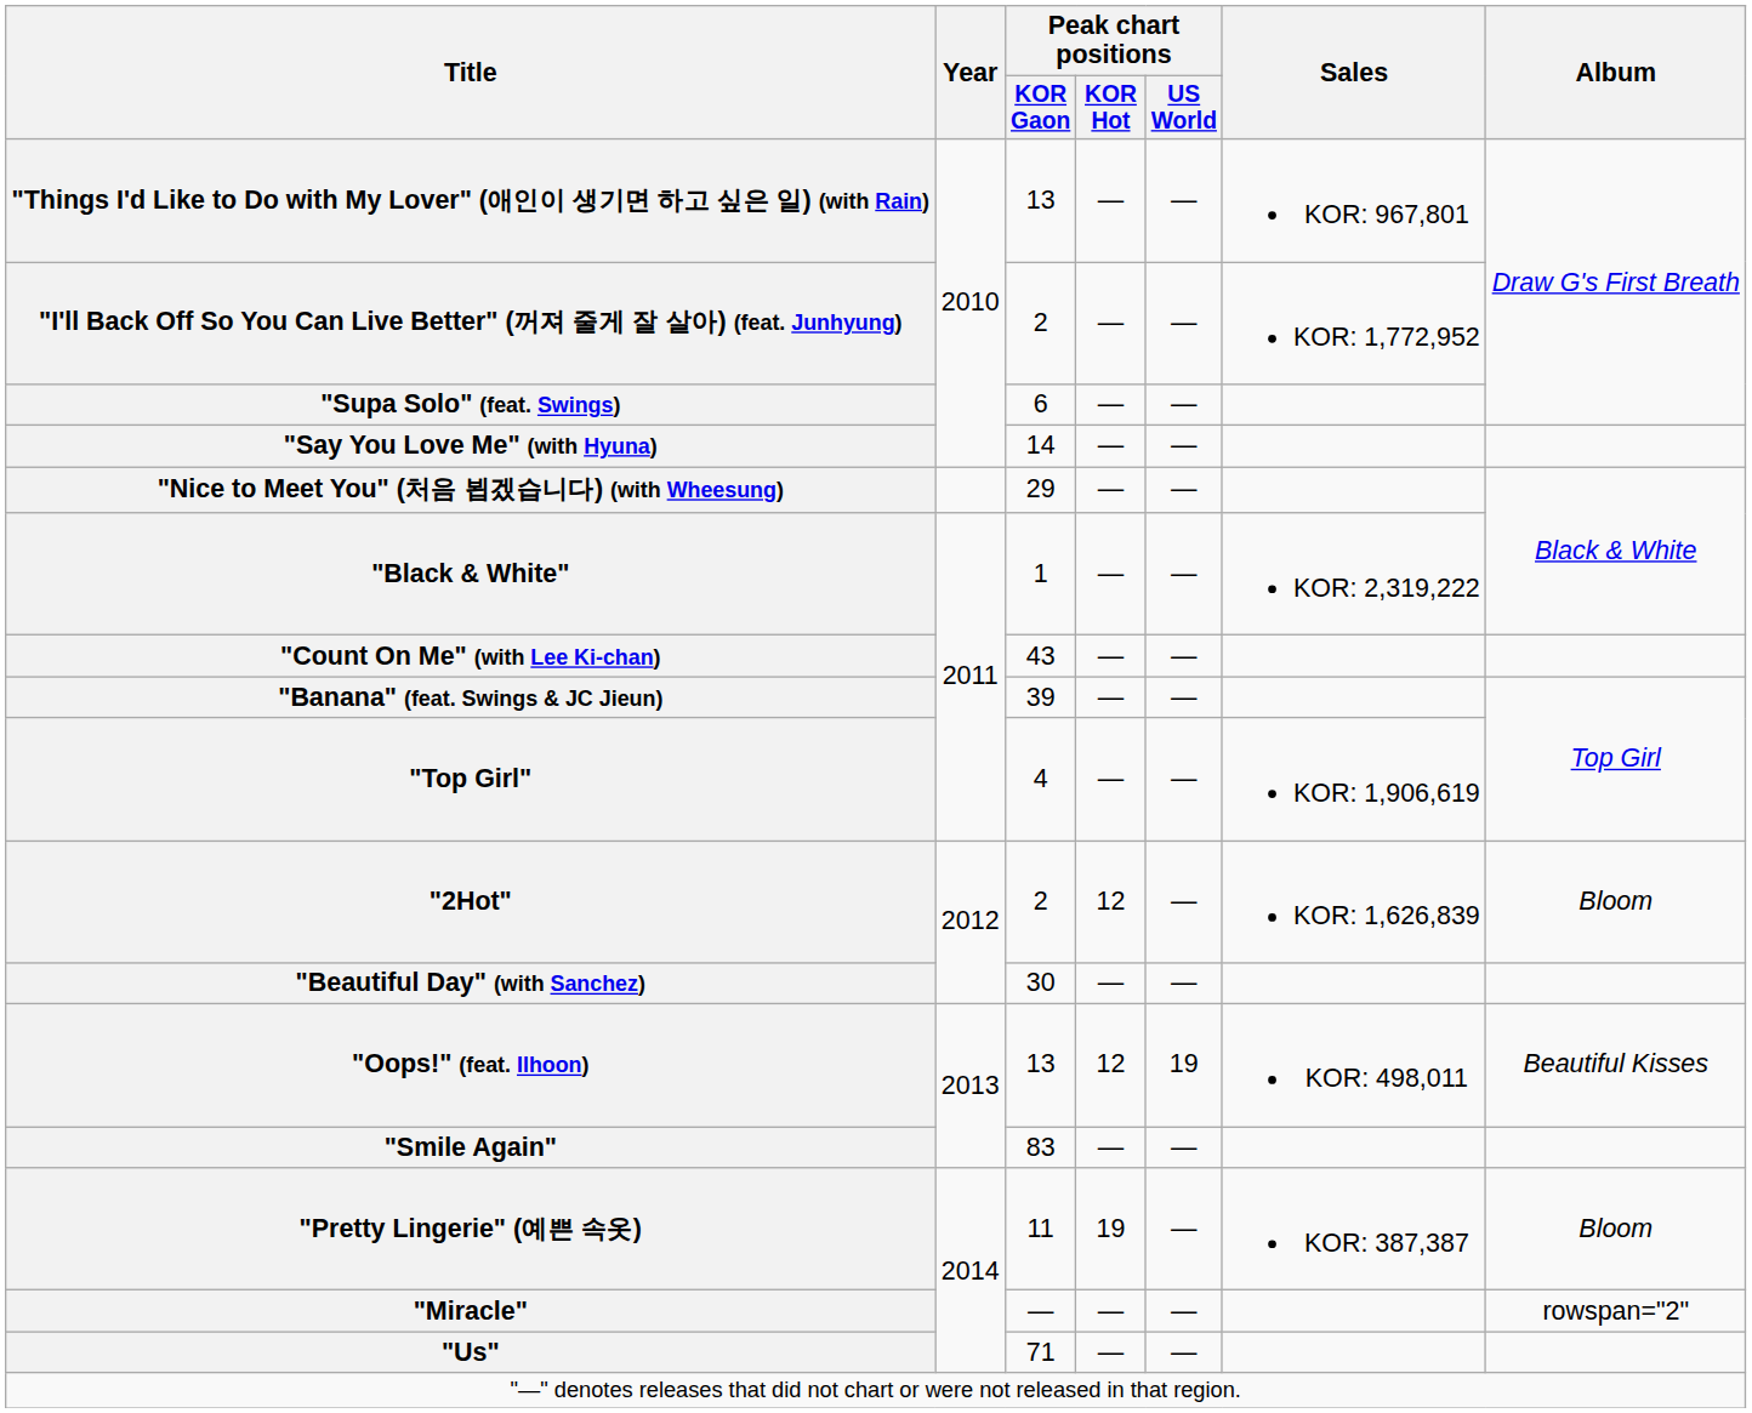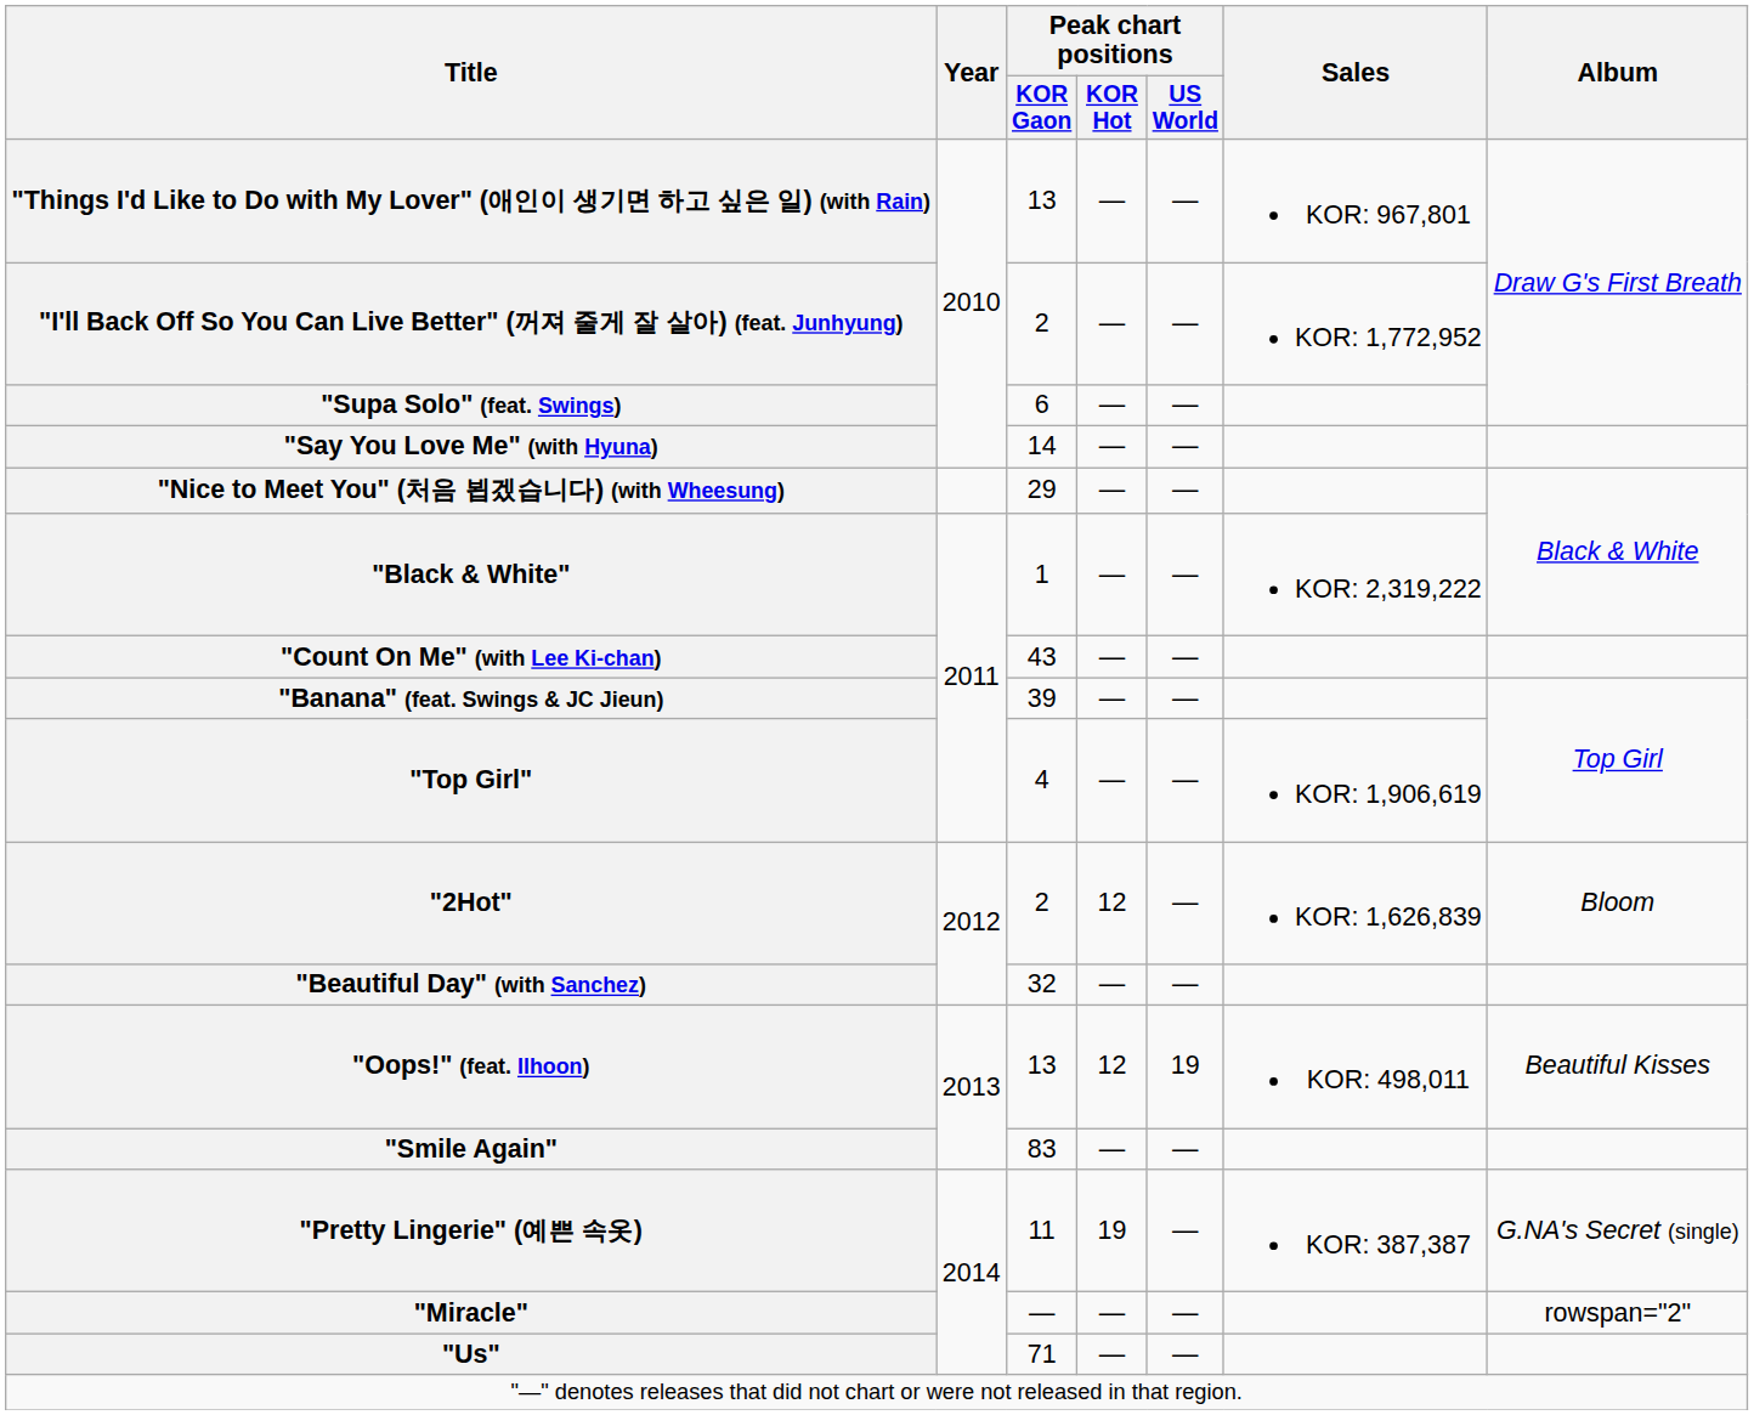 <table class="wikitable plainrowheaders" style="text-align:center;">
 <tr>
 <th scope="col" rowspan="2">Title</th>
 <th scope="col" rowspan="2">Year</th>
 <th scope="col" colspan="3">Peak chart positions</th>
 <th scope="col" rowspan="2">Sales</th>
 <th scope="col" rowspan="2">Album</th>
 </tr>
 <tr>
 <th scope="col" style="width:2.5em;font-size:90%;"><a href='#'>KOR<br>Gaon</a><br></th>
 <th scope="col" style="width:2.5em;font-size:90%;"><a href='#'>KOR<br>Hot</a><br></th>
 <th scope="col" style="width:2.5em;font-size:90%;"><a href='#'>US<br>World</a><br></th>
 </tr>
 <tr>
 <th scope="row">"Things I'd Like to Do with My Lover" (애인이 생기면 하고 싶은 일) <small>(with <a href='#'>Rain</a>)</small></th>
 <td rowspan="4">2010</td>
 <td>13</td>
 <td>—</td>
 <td>—</td>
 <td><br><ul><li>KOR: 967,801</li></ul></td>
 <td rowspan="3"><em><a href='#'>Draw G's First Breath</a></em></td>
 </tr>
 <tr>
 <th scope="row">"I'll Back Off So You Can Live Better" (꺼져 줄게 잘 살아) <small>(feat. <a href='#'>Junhyung</a>)</small></th>
 <td>2</td>
 <td>—</td>
 <td>—</td>
 <td><br><ul><li>KOR: 1,772,952</li></ul></td>
 </tr>
 <tr>
 <th scope="row">"Supa Solo" <small>(feat. <a href='#'>Swings</a>)</small></th>
 <td>6</td>
 <td>—</td>
 <td>—</td>
 <td></td>
 </tr>
 <tr>
 <th scope="row">"Say You Love Me" <small>(with <a href='#'>Hyuna</a>)</small></th>
 <td>14</td>
 <td>—</td>
 <td>—</td>
 <td></td>
 <td></td>
 </tr>
 <tr>
 <th scope="row">"Nice to Meet You" (처음 뵙겠습니다) <small>(with <a href='#'>Wheesung</a>)</small></th>
 <td></td>
 <td>29</td>
 <td>—</td>
 <td>—</td>
 <td></td>
 <td rowspan="2"><em><a href='#'>Black & White</a></em></td>
 </tr>
 <tr>
 <th scope="row">"Black & White"</th>
 <td rowspan="4">2011</td>
 <td>1</td>
 <td>—</td>
 <td>—</td>
 <td><br><ul><li>KOR: 2,319,222</li></ul></td>
 </tr>
 <tr>
 <th scope="row">"Count On Me" <small>(with <a href='#'>Lee Ki-chan</a>)</small></th>
 <td>43</td>
 <td>—</td>
 <td>—</td>
 <td></td>
 <td></td>
 </tr>
 <tr>
 <th scope="row">"Banana" <small>(feat. Swings & JC Jieun)</small></th>
 <td>39</td>
 <td>—</td>
 <td>—</td>
 <td></td>
 <td rowspan="2"><em><a href='#'>Top Girl</a></em></td>
 </tr>
 <tr>
 <th scope="row">"Top Girl"</th>
 <td>4</td>
 <td>—</td>
 <td>—</td>
 <td><br><ul><li>KOR: 1,906,619</li></ul></td>
 </tr>
 <tr>
 <th scope="row">"2Hot"</th>
 <td rowspan="2">2012</td>
 <td>2</td>
 <td>12</td>
 <td>—</td>
 <td><br><ul><li>KOR: 1,626,839</li></ul></td>
 <td><em>Bloom</em></td>
 </tr>
 <tr>
 <th scope="row">"Beautiful Day" <small>(with <a href='#'>Sanchez</a>)</small></th>
-<td>30</td>
+<td>32</td>
 <td>—</td>
 <td>—</td>
 <td></td>
 <td></td>
 </tr>
 <tr>
 <th scope="row">"Oops!" <small>(feat. <a href='#'>Ilhoon</a>)</small></th>
 <td rowspan="2">2013</td>
 <td>13</td>
 <td>12</td>
 <td>19</td>
 <td><br><ul><li>KOR: 498,011</li></ul></td>
 <td><em>Beautiful Kisses</em></td>
 </tr>
 <tr>
 <th scope="row">"Smile Again" </th>
 <td>83</td>
 <td>—</td>
 <td>—</td>
 <td></td>
 <td></td>
 </tr>
 <tr>
 <th scope="row">"Pretty Lingerie" (예쁜 속옷)</th>
 <td rowspan="3">2014</td>
 <td>11</td>
 <td>19</td>
 <td>—</td>
 <td><br><ul><li>KOR: 387,387</li></ul></td>
-<td><em>Bloom</em></td>
+<td><em>G.NA's Secret</em> <small>(single)</small></td>
 </tr>
 <tr>
 <th scope="row">"Miracle" </th>
 <td>—</td>
 <td>—</td>
 <td>—</td>
 <td></td>
 <td>rowspan="2" </td>
 </tr>
 <tr>
 <th scope="row">"Us" </th>
 <td>71</td>
 <td>—</td>
 <td>—</td>
 <td></td>
 </tr>
 <tr>
 <td colspan="7" style="font-size:85%;">"—" denotes releases that did not chart or were not released in that region.</td>
 </tr>
 </table>
